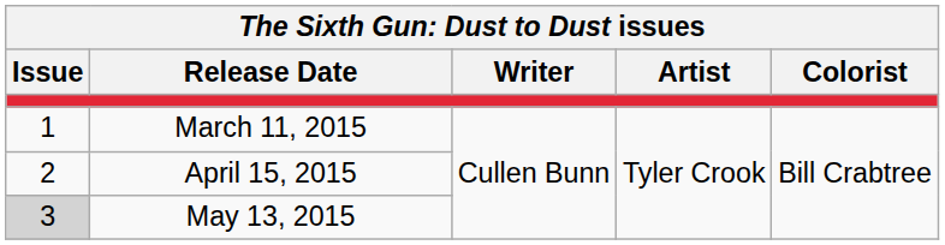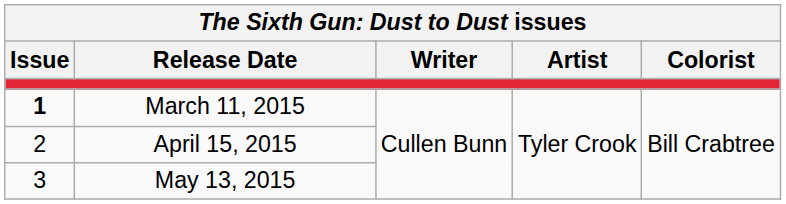 <table class="wikitable mw-collapsible mw-collapsed" style="text-align: center">
 <tr>
 <th colspan=5><em>The Sixth Gun: Dust to Dust</em> issues</th>
 </tr>
 <tr>
 <th width="40px">Issue</th>
 <th width="200px">Release Date</th>
 <th>Writer</th>
 <th>Artist</th>
 <th>Colorist</th>
 </tr>
 <tr>
 <td colspan=5 style=background:#e32636;></td>
 </tr>
 <tr>
-<td>1</td>
+<td><strong>1</strong></td>
 <td>March 11, 2015</td>
 <td rowspan=3>Cullen Bunn</td>
 <td rowspan=3>Tyler Crook</td>
 <td rowspan=3>Bill Crabtree</td>
 </tr>
 <tr>
 <td>2</td>
 <td>April 15, 2015</td>
 </tr>
 <tr>
-<td style="background: lightgrey;">3</td>
+<td>3</td>
 <td>May 13, 2015</td>
 </tr>
 </table>
